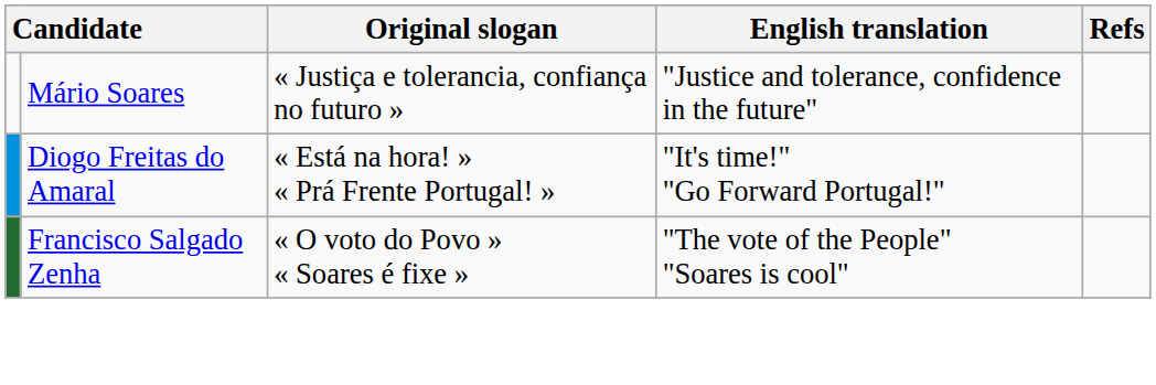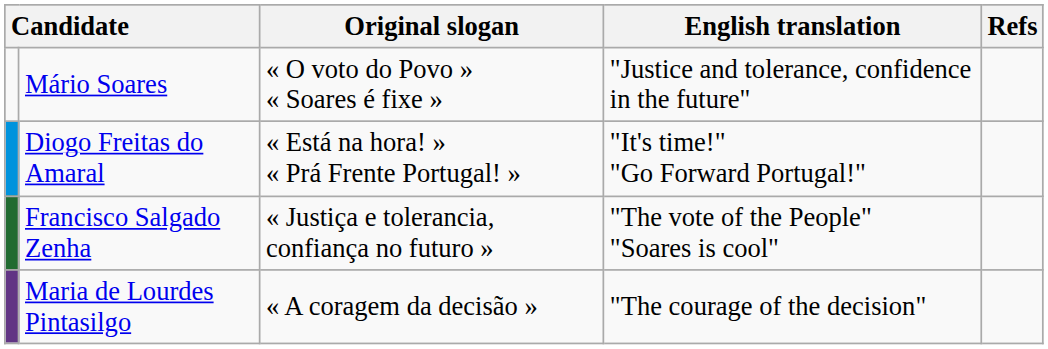 <table class="wikitable" style="font-size:97%; text-align:left;">
 <tr>
 <th style="text-align:left;" colspan="2">Candidate</th>
 <th>Original slogan</th>
 <th>English translation</th>
 <th>Refs</th>
 </tr>
 <tr>
 <td width="1"></td>
 <td><a href='#'>Mário Soares</a></td>
-<td>« Justiça e tolerancia, confiança no futuro »</td>
+<td>« O voto do Povo »<br>« Soares é fixe »</td>
 <td>"Justice and tolerance, confidence in the future"</td>
 <td></td>
 </tr>
 <tr>
 <td bgcolor="#0093DD"></td>
 <td><a href='#'>Diogo Freitas do Amaral</a></td>
 <td>« Está na hora! » <br> « Prá Frente Portugal! »</td>
 <td>"It's time!" <br> "Go Forward Portugal!"</td>
 <td></td>
 </tr>
 <tr>
 <td bgcolor="#216b31"></td>
 <td><a href='#'>Francisco Salgado Zenha</a></td>
-<td>« O voto do Povo »<br>« Soares é fixe »</td>
+<td>« Justiça e tolerancia, confiança no futuro »</td>
 <td>"The vote of the People"<br>"Soares is cool"</td>
 <td></td>
 </tr>
+<tr>
+<td bgcolor="#613484"></td>
+<td><a href='#'>Maria de Lourdes Pintasilgo</a></td>
+<td>« A coragem da decisão »</td>
+<td>"The courage of the decision"</td>
+<td></td>
+</tr>
 </table>
